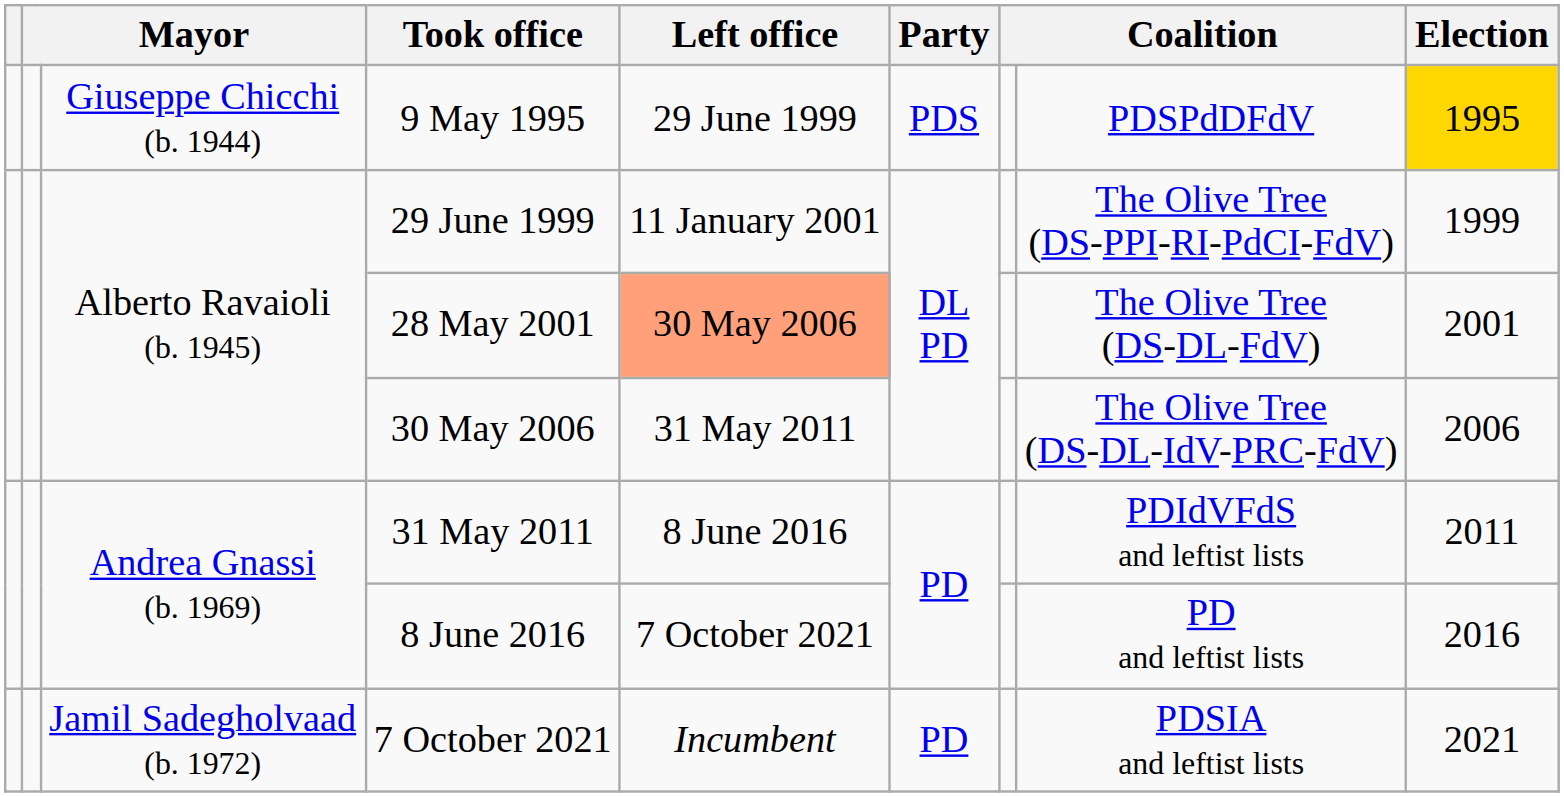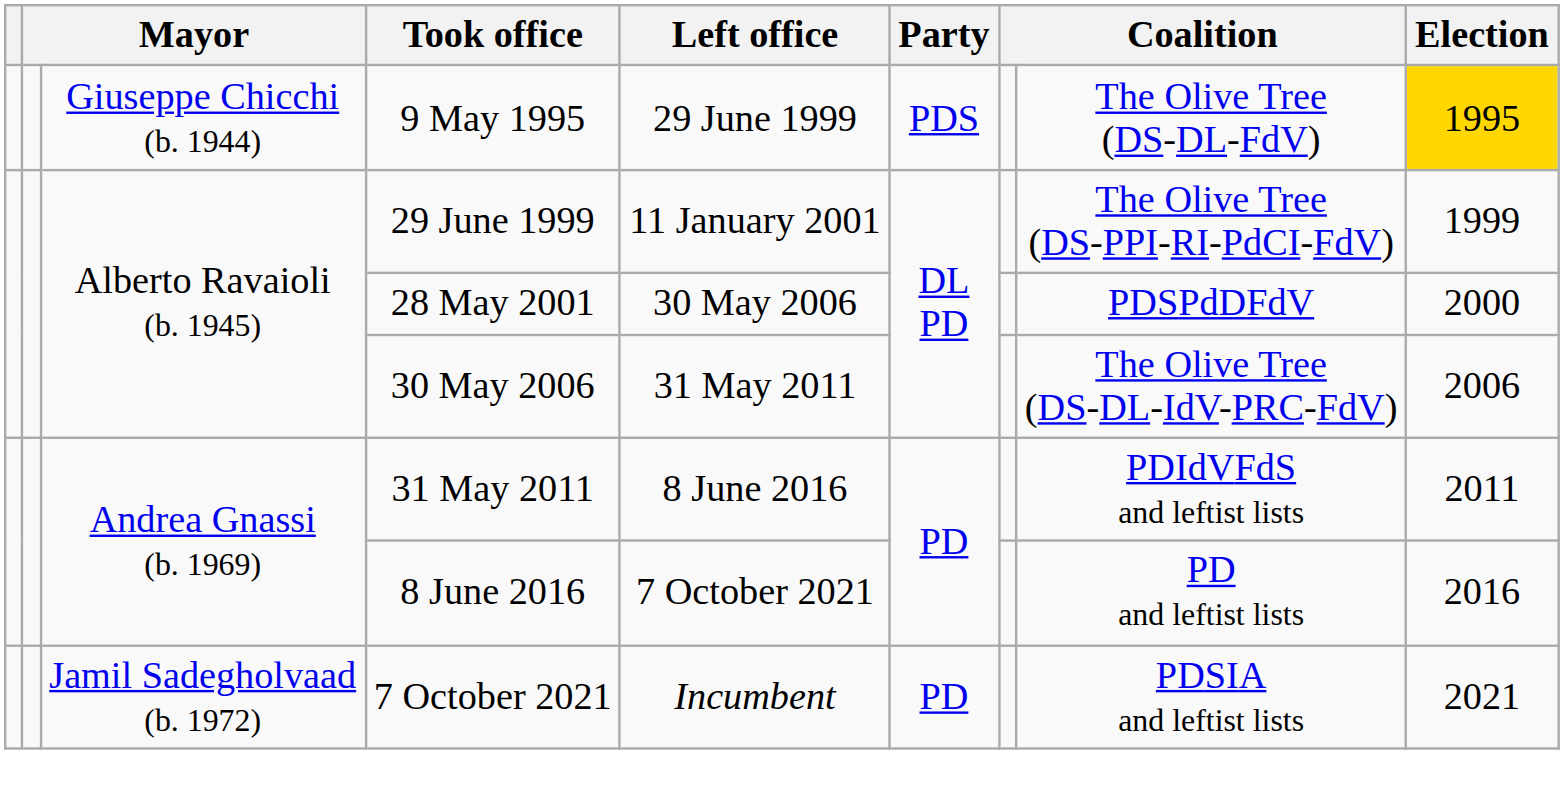 <table class="wikitable" style="text-align: center;">
 <tr>
 <th><br></th>
 <th colspan="2">Mayor</th>
 <th>Took office</th>
 <th>Left office</th>
 <th>Party</th>
 <th colspan="2">Coalition</th>
 <th>Election</th>
 </tr>
 <tr>
 <td style="background: "><strong></strong></td>
 <td></td>
 <td><a href='#'>Giuseppe Chicchi</a><br><small>(b. 1944)</small></td>
 <td>9 May 1995</td>
 <td>29 June 1999</td>
 <td><a href='#'>PDS</a></td>
 <td style="background: "></td>
-<td><a href='#'>PDS</a><a href='#'>PdD</a><a href='#'>FdV</a></td>
+<td><a href='#'>The Olive Tree</a><br>(<a href='#'>DS</a>-<a href='#'>DL</a>-<a href='#'>FdV</a>)</td>
 <td style="background: gold;">1995</td>
 </tr>
 <tr>
 <td rowspan="3" style="background: "><strong></strong></td>
 <td rowspan="3"></td>
 <td rowspan="3">Alberto Ravaioli<br><small>(b. 1945)</small></td>
 <td>29 June 1999</td>
 <td>11 January 2001</td>
 <td rowspan="3"><a href='#'>DL</a><br><a href='#'>PD</a></td>
 <td style="background: "></td>
 <td><a href='#'>The Olive Tree</a><br>(<a href='#'>DS</a>-<a href='#'>PPI</a>-<a href='#'>RI</a>-<a href='#'>PdCI</a>-<a href='#'>FdV</a>)</td>
 <td>1999</td>
 </tr>
 <tr>
 <td>28 May 2001</td>
-<td style="background: lightsalmon;">30 May 2006</td>
+<td>30 May 2006</td>
 <td style="background: "></td>
-<td><a href='#'>The Olive Tree</a><br>(<a href='#'>DS</a>-<a href='#'>DL</a>-<a href='#'>FdV</a>)</td>
-<td>2001</td>
+<td><a href='#'>PDS</a><a href='#'>PdD</a><a href='#'>FdV</a></td>
+<td>2000</td>
 </tr>
 <tr>
 <td>30 May 2006</td>
 <td>31 May 2011</td>
 <td style="background: "></td>
 <td><a href='#'>The Olive Tree</a><br>(<a href='#'>DS</a>-<a href='#'>DL</a>-<a href='#'>IdV</a>-<a href='#'>PRC</a>-<a href='#'>FdV</a>)</td>
 <td>2006</td>
 </tr>
 <tr>
 <td rowspan="2" style="background: "><strong></strong></td>
 <td rowspan="2"></td>
 <td rowspan="2"><a href='#'>Andrea Gnassi</a><br><small>(b. 1969)</small></td>
 <td>31 May 2011</td>
 <td>8 June 2016</td>
 <td rowspan="2"><a href='#'>PD</a></td>
 <td style="background: "></td>
 <td><a href='#'>PD</a><a href='#'>IdV</a><a href='#'>FdS</a><br><small>and leftist lists</small></td>
 <td>2011</td>
 </tr>
 <tr>
 <td>8 June 2016</td>
 <td>7 October 2021</td>
 <td style="background: "></td>
 <td><a href='#'>PD</a><br><small>and leftist lists</small></td>
 <td>2016</td>
 </tr>
 <tr>
 <td style="background: "><strong></strong></td>
 <td></td>
 <td><a href='#'>Jamil Sadegholvaad</a><br><small>(b. 1972)</small></td>
 <td>7 October 2021</td>
 <td><em>Incumbent</em></td>
 <td><a href='#'>PD</a></td>
 <td style="background: "></td>
 <td><a href='#'>PD</a><a href='#'>SI</a><a href='#'>A</a><br><small>and leftist lists</small></td>
 <td>2021</td>
 </tr>
 </table>
